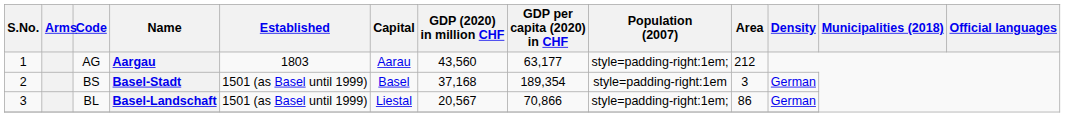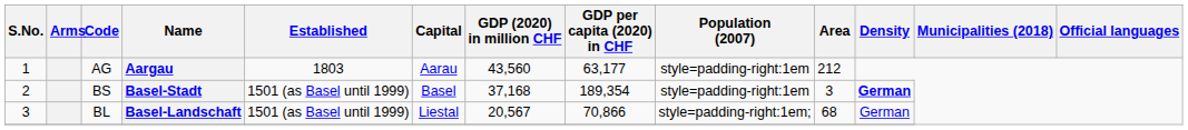 <table class="wikitable" style="text-align:center;" style="font-size: 85%">
 <tr>
 <th>S.No.</th>
 <th style=max-width:2em;><a href='#'>Arms</a><br></th>
 <th><a href='#'>Code</a></th>
 <th>Name</th>
 <th><a href='#'>Established</a></th>
 <th>Capital</th>
 <th>GDP (2020)<br>in million <a href='#'>CHF</a></th>
 <th>GDP per<br>capita (2020)<br>in <a href='#'>CHF</a></th>
 <th scope="col" data-sort-type="number">Population<br>(2007)</th>
 <th>Area </th>
 <th><a href='#'>Density</a><br></th>
 <th><a href='#'>Municipalities (2018)</a></th>
 <th><a href='#'>Official languages</a></th>
 </tr>
 <tr>
 <td>1</td>
 <th><br></th>
 <td style=text-align:center;>AG</td>
 <th style=text-align:left;><a href='#'>Aargau</a></th>
 <td style=text-align:center;>1803<br></td>
 <td><a href='#'>Aarau</a></td>
 <td style=padding-right:1em>43,560</td>
 <td style=padding-right:1em>63,177</td>
-<td>style=padding-right:1em; </td>
+<td>style=padding-right:1em </td>
 <td style=padding-right:1em>212</td>
 </tr>
 <tr>
 <td>2</td>
 <th><br></th>
 <td style=text-align:center;>BS</td>
 <th style=text-align:left;><a href='#'>Basel-Stadt</a></th>
 <td style=text-align:center;>1501 (as <a href='#'>Basel</a> until 1999)</td>
 <td><a href='#'>Basel</a></td>
 <td style=padding-right:1em;>37,168</td>
 <td style=padding-right:1em;>189,354</td>
 <td>style=padding-right:1em </td>
 <td style=padding-right:1em;>3</td>
-<td><a href='#'>German</a></td>
+<td><strong><a href='#'>German</a></strong></td>
 </tr>
 <tr>
 <td>3</td>
 <th><br></th>
 <td style=text-align:center;>BL</td>
 <th style=text-align:left;><a href='#'>Basel-Landschaft</a></th>
 <td style=text-align:center;>1501 (as <a href='#'>Basel</a> until 1999)</td>
 <td><a href='#'>Liestal</a></td>
 <td style=padding-right:1em;>20,567</td>
 <td style=padding-right:1em;>70,866</td>
 <td>style=padding-right:1em; </td>
-<td style=padding-right:1em>86</td>
+<td style=padding-right:1em>68</td>
 <td><a href='#'>German</a></td>
 </tr>
 <tr>
 </tr>
 </table>
